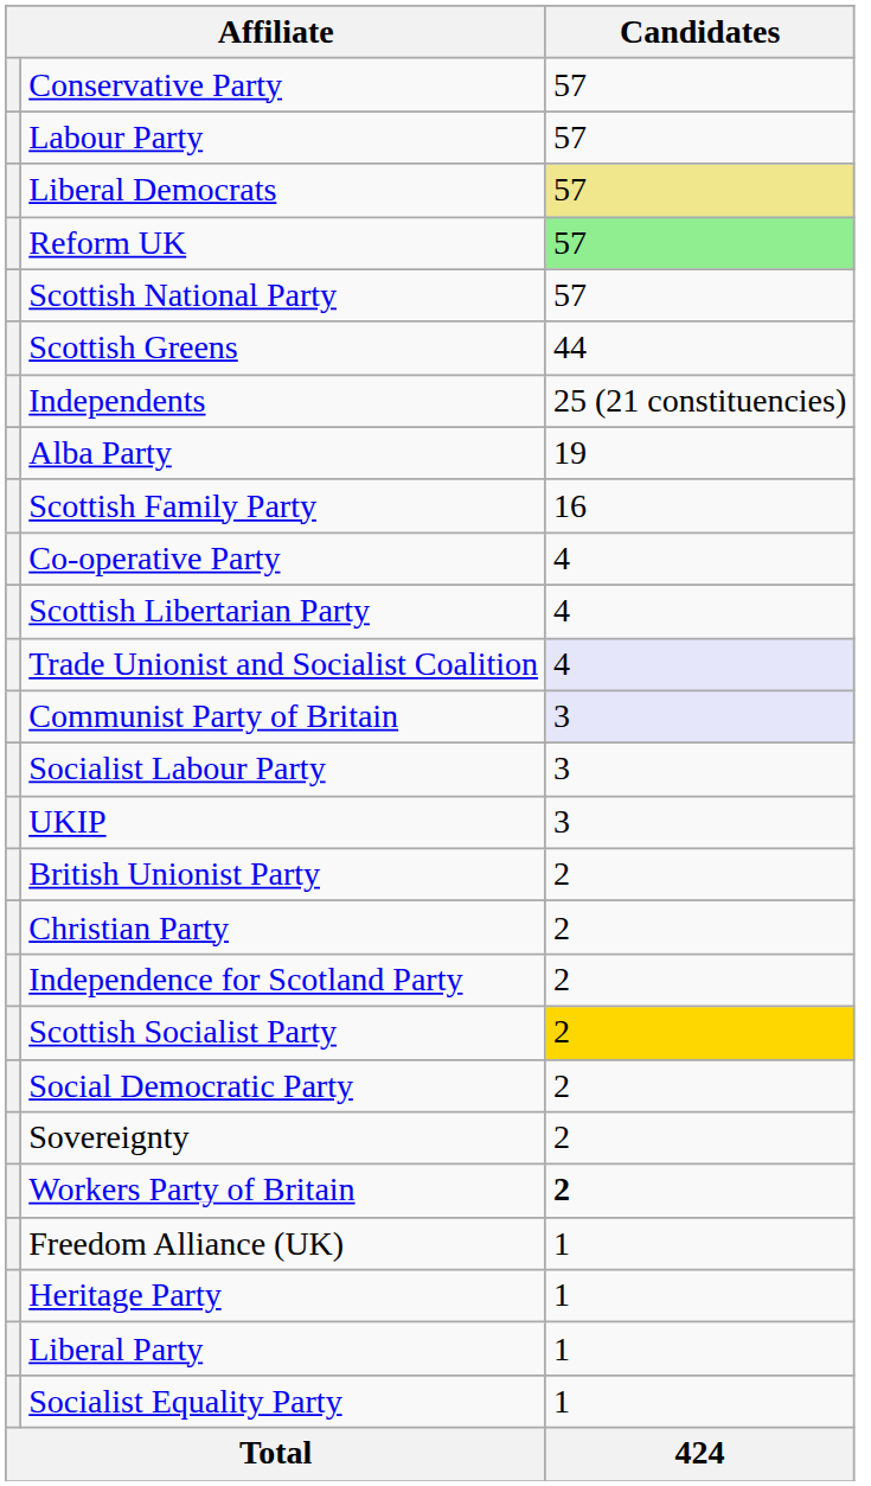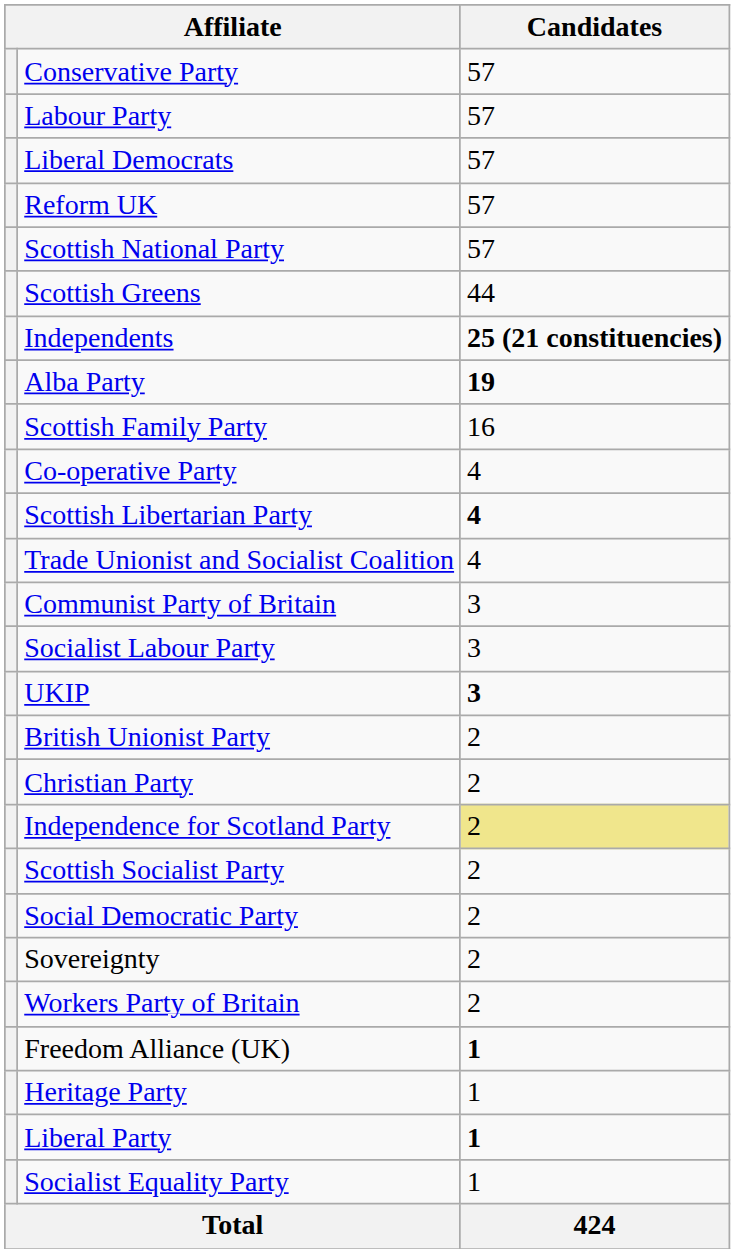 <table class="wikitable sortable">
 <tr>
 <th colspan="2" class="unsortable">Affiliate</th>
 <th>Candidates</th>
 </tr>
 <tr>
 <th class="unsortable" style="background-color: "></th>
 <td><a href='#'>Conservative Party</a></td>
 <td>57</td>
 </tr>
 <tr>
 <th class="unsortable" style="background-color: "></th>
 <td><a href='#'>Labour Party</a></td>
 <td>57</td>
 </tr>
 <tr>
 <th class="unsortable" style="background-color: "></th>
 <td><a href='#'>Liberal Democrats</a></td>
-<td style="background: khaki;">57</td>
+<td>57</td>
 </tr>
 <tr>
 <th class="unsortable" style="background-color: "></th>
 <td><a href='#'>Reform UK</a></td>
-<td style="background: lightgreen;">57</td>
+<td>57</td>
 </tr>
 <tr>
 <th class="unsortable" style="background-color: "></th>
 <td><a href='#'>Scottish National Party</a></td>
 <td>57</td>
 </tr>
 <tr>
 <th class="unsortable" style="background-color: "></th>
 <td><a href='#'>Scottish Greens</a></td>
 <td>44</td>
 </tr>
 <tr>
 <th class="unsortable" style="background-color: "></th>
 <td><a href='#'>Independents</a></td>
-<td>25 (21 constituencies)</td>
+<td><strong>25 (21 constituencies)</strong></td>
 </tr>
 <tr>
 <th class="unsortable" style="background-color: "></th>
 <td><a href='#'>Alba Party</a></td>
-<td>19</td>
+<td><strong>19</strong></td>
 </tr>
 <tr>
 <th class="unsortable" style="background-color: "></th>
 <td><a href='#'>Scottish Family Party</a></td>
 <td>16</td>
 </tr>
 <tr>
 <th class="unsortable" style="background-color: "></th>
 <td><a href='#'>Co-operative Party</a></td>
 <td>4</td>
 </tr>
 <tr>
 <th class="unsortable" style="background-color: "></th>
 <td><a href='#'>Scottish Libertarian Party</a></td>
+<td><strong>4</strong></td>
+</tr>
+<tr>
+<th class="unsortable" style="background-color: "></th>
+<td><a href='#'>Trade Unionist and Socialist Coalition</a></td>
 <td>4</td>
 </tr>
 <tr>
 <th class="unsortable" style="background-color: "></th>
-<td><a href='#'>Trade Unionist and Socialist Coalition</a></td>
-<td style="background: lavender;">4</td>
-</tr>
-<tr>
-<th class="unsortable" style="background-color: "></th>
 <td><a href='#'>Communist Party of Britain</a></td>
-<td style="background: lavender;">3</td>
+<td>3</td>
 </tr>
 <tr>
 <th class="unsortable" style="background-color: "></th>
 <td><a href='#'>Socialist Labour Party</a></td>
 <td>3</td>
 </tr>
 <tr>
 <th class="unsortable" style="background-color: "></th>
 <td><a href='#'>UKIP</a></td>
-<td>3</td>
+<td><strong>3</strong></td>
 </tr>
 <tr>
 <th class="unsortable" style="background-color: "></th>
 <td><a href='#'>British Unionist Party</a></td>
 <td>2</td>
 </tr>
 <tr>
 <th class="unsortable" style="background-color: "></th>
 <td><a href='#'>Christian Party</a></td>
 <td>2</td>
 </tr>
 <tr>
 <th class="unsortable" style="background-color: "></th>
 <td><a href='#'>Independence for Scotland Party</a></td>
-<td>2</td>
+<td style="background: khaki;">2</td>
 </tr>
 <tr>
 <th class="unsortable" style="background-color: "></th>
 <td><a href='#'>Scottish Socialist Party</a></td>
-<td style="background: gold;">2</td>
+<td>2</td>
 </tr>
 <tr>
 <th class="unsortable" style="background-color: "></th>
 <td><a href='#'>Social Democratic Party</a></td>
 <td>2</td>
 </tr>
 <tr>
 <th class="unsortable" style="background-color: "></th>
 <td>Sovereignty</td>
 <td>2</td>
 </tr>
 <tr>
 <th class="unsortable" style="background-color: "></th>
 <td><a href='#'>Workers Party of Britain</a></td>
-<td><strong>2</strong></td>
+<td>2</td>
 </tr>
 <tr>
 <th class="unsortable" style="background-color: "></th>
 <td>Freedom Alliance (UK)</td>
-<td>1</td>
+<td><strong>1</strong></td>
 </tr>
 <tr>
 <th class="unsortable" style="background-color: "></th>
 <td><a href='#'>Heritage Party</a></td>
 <td>1</td>
 </tr>
 <tr>
 <th class="unsortable" style="background-color: "></th>
 <td><a href='#'>Liberal Party</a></td>
-<td>1</td>
+<td><strong>1</strong></td>
 </tr>
 <tr>
 <th class="unsortable" style="background-color: "></th>
 <td><a href='#'>Socialist Equality Party</a></td>
 <td>1</td>
 </tr>
 <tr>
 <th class="unsortable" colspan="2">Total</th>
 <th>424</th>
 </tr>
 </table>
